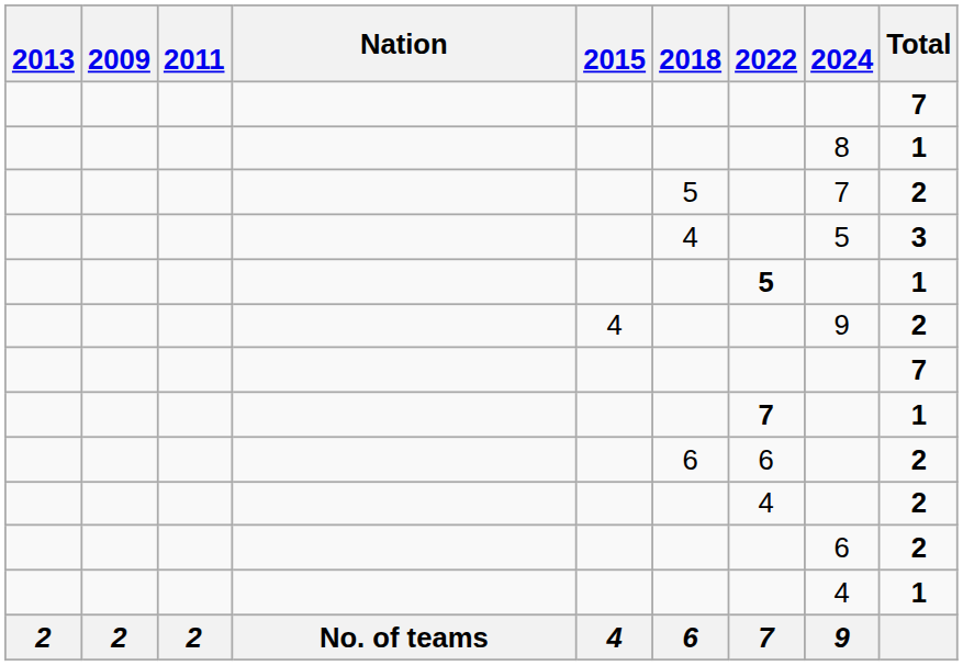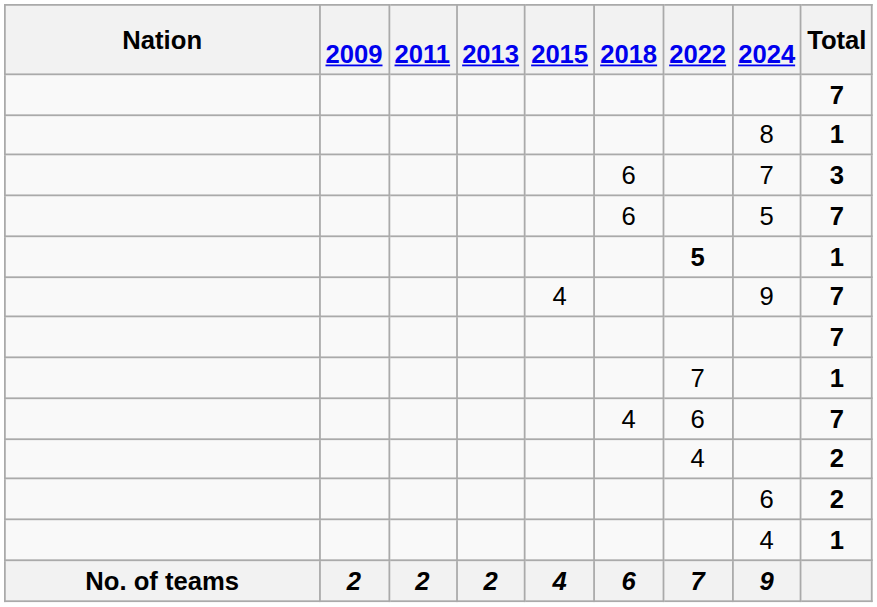 <table class="wikitable" style="text-align:center; font-size:90%">
 <tr>
-<th><br><a href='#'>2013</a></th>
+<th width=170>Nation</th>
 <th><br><a href='#'>2009</a></th>
 <th><br><a href='#'>2011</a></th>
-<th width=170>Nation</th>
+<th><br><a href='#'>2013</a></th>
 <th><br><a href='#'>2015</a></th>
 <th><br><a href='#'>2018</a></th>
 <th><br><a href='#'>2022</a></th>
 <th><br><a href='#'>2024</a></th>
 <th>Total</th>
 </tr>
 <tr>
+<td align=left></td>
 <td></td>
 <td></td>
 <td></td>
-<td align=left></td>
 <td></td>
 <td></td>
 <td></td>
 <td></td>
 <td><strong>7</strong></td>
 </tr>
 <tr>
+<td align=left></td>
 <td></td>
 <td></td>
 <td></td>
-<td align=left></td>
 <td></td>
 <td></td>
 <td></td>
 <td>8</td>
 <td><strong>1</strong></td>
 </tr>
 <tr>
+<td align=left></td>
 <td></td>
 <td></td>
 <td></td>
-<td align=left></td>
 <td></td>
-<td>5</td>
+<td>6</td>
 <td></td>
 <td>7</td>
-<td><strong>2</strong></td>
+<td><strong>3</strong></td>
 </tr>
 <tr>
+<td align=left></td>
 <td></td>
 <td></td>
 <td></td>
-<td align=left></td>
 <td></td>
-<td>4</td>
+<td>6</td>
 <td></td>
 <td>5</td>
-<td><strong>3</strong></td>
+<td><strong>7</strong></td>
 </tr>
 <tr>
+<td align=left></td>
 <td></td>
 <td></td>
 <td></td>
-<td align=left></td>
 <td></td>
 <td></td>
 <td><strong>5</strong></td>
 <td></td>
 <td><strong>1</strong></td>
 </tr>
 <tr>
+<td align=left></td>
 <td></td>
 <td></td>
 <td></td>
-<td align=left></td>
 <td>4</td>
 <td></td>
 <td></td>
 <td>9</td>
-<td><strong>2</strong></td>
+<td><strong>7</strong></td>
 </tr>
 <tr>
+<td align=left></td>
 <td></td>
 <td></td>
 <td></td>
-<td align=left></td>
 <td></td>
 <td></td>
 <td></td>
 <td></td>
 <td><strong>7</strong></td>
 </tr>
 <tr>
+<td align=left></td>
 <td></td>
 <td></td>
 <td></td>
-<td align=left></td>
 <td></td>
 <td></td>
-<td><strong>7</strong></td>
+<td>7</td>
 <td></td>
 <td><strong>1</strong></td>
 </tr>
 <tr>
+<td align=left></td>
 <td></td>
 <td></td>
 <td></td>
-<td align=left></td>
 <td></td>
-<td>6</td>
+<td>4</td>
 <td>6</td>
 <td></td>
-<td><strong>2</strong></td>
+<td><strong>7</strong></td>
 </tr>
 <tr>
+<td align=left></td>
 <td></td>
 <td></td>
 <td></td>
-<td align=left></td>
 <td></td>
 <td></td>
 <td>4</td>
 <td></td>
 <td><strong>2</strong></td>
 </tr>
 <tr>
+<td align=left></td>
 <td></td>
 <td></td>
 <td></td>
-<td align=left></td>
 <td></td>
 <td></td>
 <td></td>
 <td>6</td>
 <td><strong>2</strong></td>
 </tr>
 <tr>
+<td align=left></td>
 <td></td>
 <td></td>
 <td></td>
-<td align=left></td>
 <td></td>
 <td></td>
 <td></td>
 <td>4</td>
 <td><strong>1</strong></td>
 </tr>
 <tr>
+<th>No. of teams</th>
 <th><em>2</em></th>
 <th><em>2</em></th>
 <th><em>2</em></th>
-<th>No. of teams</th>
 <th><em>4</em></th>
 <th><em>6</em></th>
 <th><em>7</em></th>
 <th><em>9</em></th>
 <th></th>
 </tr>
 </table>
